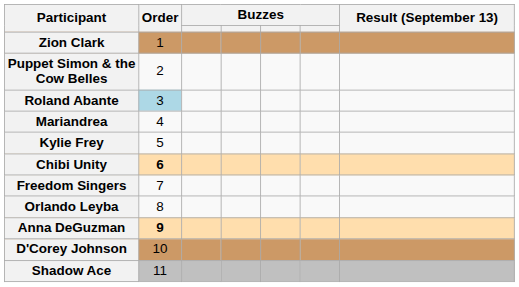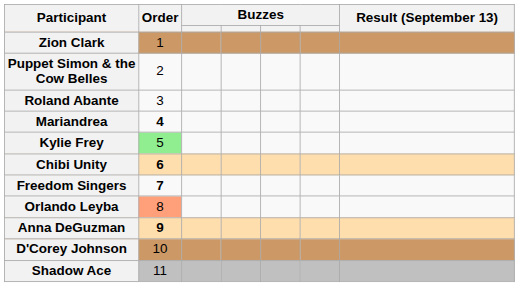 <table class="wikitable plainrowheaders sortable" style="text-align:center;">
 <tr>
 <th scope="col" rowspan="2" class="unsortable" style="width:17em;">Participant</th>
 <th scope="col" rowspan="2" style="width:1em;">Order</th>
 <th scope="col" colspan="4" class="unsortable" style="width:2em;">Buzzes</th>
 <th scope="col" rowspan="2" style="width:25em;">Result (September 13)</th>
 </tr>
 <tr>
 <th scope="col" class="unsortable" style="width:6em;"></th>
 <th scope="col" class="unsortable" style="width:6em;"></th>
 <th scope="col" class="unsortable" style="width:6em;"></th>
 <th scope="col" class="unsortable" style="width:6em;"></th>
 </tr>
 <tr bgcolor=#c96>
 <th scope="row">Zion Clark</th>
 <td>1</td>
 <td style="text-align:center;"></td>
 <td style="text-align:center;"></td>
 <td style="text-align:center;"></td>
 <td style="text-align:center;"></td>
 <td></td>
 </tr>
 <tr>
 <th scope="row">Puppet Simon & the Cow Belles</th>
 <td>2</td>
 <td style="text-align:center;"></td>
 <td style="text-align:center;"></td>
 <td style="text-align:center;"></td>
 <td style="text-align:center;"></td>
 <td></td>
 </tr>
 <tr>
 <th scope="row">Roland Abante</th>
-<td style="background: lightblue;">3</td>
+<td>3</td>
 <td style="text-align:center;"></td>
 <td style="text-align:center;"></td>
 <td style="text-align:center;"></td>
 <td style="text-align:center;"></td>
 <td></td>
 </tr>
 <tr>
 <th scope="row">Mariandrea</th>
-<td>4</td>
+<td><strong>4</strong></td>
 <td style="text-align:center;"></td>
 <td style="text-align:center;"></td>
 <td style="text-align:center;"></td>
 <td style="text-align:center;"></td>
 <td></td>
 </tr>
 <tr>
 <th scope="row">Kylie Frey</th>
-<td>5</td>
+<td style="background: lightgreen;">5</td>
 <td style="text-align:center;"></td>
 <td style="text-align:center;"></td>
 <td style="text-align:center;"></td>
 <td style="text-align:center;"></td>
 <td></td>
 </tr>
 <tr bgcolor=navajowhite>
 <th scope="row"><strong>Chibi Unity</strong></th>
 <td><strong>6</strong></td>
 <td style="text-align:center;"></td>
 <td style="text-align:center;"></td>
 <td style="text-align:center;"></td>
 <td style="text-align:center;"></td>
 <td><strong></strong></td>
 </tr>
 <tr>
 <th scope="row">Freedom Singers</th>
-<td>7</td>
+<td><strong>7</strong></td>
 <td style="text-align:center;"></td>
 <td style="text-align:center;"></td>
 <td style="text-align:center;"></td>
 <td style="text-align:center;"></td>
 <td></td>
 </tr>
 <tr>
 <th scope="row">Orlando Leyba</th>
-<td>8</td>
+<td style="background: lightsalmon;">8</td>
 <td style="text-align:center;"></td>
 <td style="text-align:center;"></td>
 <td style="text-align:center;"></td>
 <td style="text-align:center;"></td>
 <td></td>
 </tr>
 <tr bgcolor=navajowhite>
 <th scope="row"><strong>Anna DeGuzman</strong></th>
 <td><strong>9</strong></td>
 <td style="text-align:center;"></td>
 <td style="text-align:center;"></td>
 <td style="text-align:center;"></td>
 <td style="text-align:center;"></td>
 <td><strong></strong></td>
 </tr>
 <tr bgcolor=#c96>
 <th scope="row">D'Corey Johnson</th>
 <td>10</td>
 <td style="text-align:center;"></td>
 <td style="text-align:center;"></td>
 <td style="text-align:center;"></td>
 <td style="text-align:center;"></td>
 <td></td>
 </tr>
 <tr bgcolor=silver>
 <th scope="row">Shadow Ace</th>
 <td>11</td>
 <td style="text-align:center;"></td>
 <td style="text-align:center;"></td>
 <td style="text-align:center;"></td>
 <td style="text-align:center;"></td>
 <td></td>
 </tr>
 </table>
